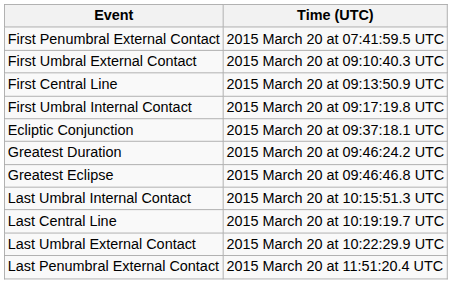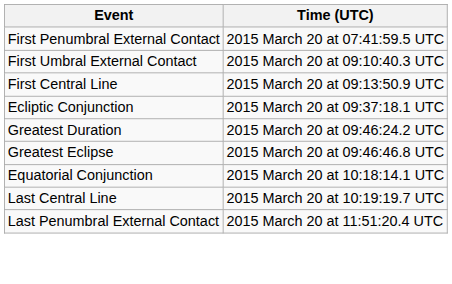 <table class="wikitable">
 <tr>
 <th>Event</th>
 <th>Time (UTC)</th>
 </tr>
 <tr>
 <td>First Penumbral External Contact</td>
 <td>2015 March 20 at 07:41:59.5 UTC</td>
 </tr>
 <tr>
 <td>First Umbral External Contact</td>
 <td>2015 March 20 at 09:10:40.3 UTC</td>
 </tr>
 <tr>
 <td>First Central Line</td>
 <td>2015 March 20 at 09:13:50.9 UTC</td>
 </tr>
 <tr>
-<td>First Umbral Internal Contact</td>
-<td>2015 March 20 at 09:17:19.8 UTC</td>
-</tr>
-<tr>
 <td>Ecliptic Conjunction</td>
 <td>2015 March 20 at 09:37:18.1 UTC</td>
 </tr>
 <tr>
 <td>Greatest Duration</td>
 <td>2015 March 20 at 09:46:24.2 UTC</td>
 </tr>
 <tr>
 <td>Greatest Eclipse</td>
 <td>2015 March 20 at 09:46:46.8 UTC</td>
 </tr>
 <tr>
-<td>Last Umbral Internal Contact</td>
-<td>2015 March 20 at 10:15:51.3 UTC</td>
+<td>Equatorial Conjunction</td>
+<td>2015 March 20 at 10:18:14.1 UTC</td>
 </tr>
 <tr>
 <td>Last Central Line</td>
 <td>2015 March 20 at 10:19:19.7 UTC</td>
 </tr>
 <tr>
-<td>Last Umbral External Contact</td>
-<td>2015 March 20 at 10:22:29.9 UTC</td>
-</tr>
-<tr>
 <td>Last Penumbral External Contact</td>
 <td>2015 March 20 at 11:51:20.4 UTC</td>
 </tr>
 </table>
